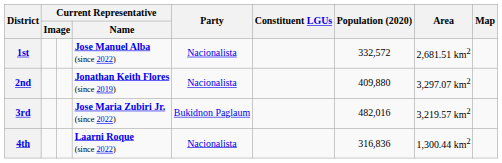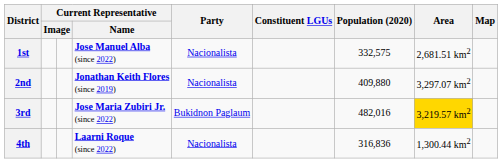 <table class="wikitable sortable" style="margin: 1em auto; font-size:100%; line-height:20px; text-align:center">
 <tr>
 <th rowspan="2">District</th>
 <th colspan="3">Current Representative</th>
 <th rowspan="2">Party</th>
 <th rowspan="2">Constituent <a href='#'>LGUs</a></th>
 <th rowspan="2">Population (2020)</th>
 <th rowspan="2">Area</th>
 <th rowspan="2">Map</th>
 </tr>
 <tr>
 <th colspan="2">Image</th>
 <th>Name</th>
 </tr>
 <tr>
 <th><a href='#'>1st</a></th>
 <td style="background:"></td>
 <td></td>
 <td style="text-align:left;"><strong><a href='#'>Jose Manuel Alba</a></strong><br><small>(since <a href='#'>2022</a>)</small></td>
 <td><a href='#'>Nacionalista</a></td>
 <td></td>
-<td>332,572</td>
+<td>332,575</td>
 <td>2,681.51 km<sup>2</sup></td>
 <td></td>
 </tr>
 <tr>
 <th><a href='#'>2nd</a></th>
 <td style="background:"></td>
 <td></td>
 <td style="text-align:left;"><strong><a href='#'>Jonathan Keith Flores</a></strong><br><small>(since <a href='#'>2019</a>)</small></td>
 <td><a href='#'>Nacionalista</a></td>
 <td></td>
 <td>409,880</td>
 <td>3,297.07 km<sup>2</sup></td>
 <td></td>
 </tr>
 <tr>
 <th><a href='#'>3rd</a></th>
 <td style="background:"></td>
 <td></td>
 <td style="text-align:left;"><strong><a href='#'>Jose Maria Zubiri Jr.</a></strong><br><small>(since <a href='#'>2022</a>)</small></td>
 <td><a href='#'>Bukidnon Paglaum</a></td>
 <td></td>
 <td>482,016</td>
-<td>3,219.57 km<sup>2</sup></td>
+<td style="background: gold;">3,219.57 km<sup>2</sup></td>
 <td></td>
 </tr>
 <tr>
 <th><a href='#'>4th</a></th>
 <td style="background:"></td>
 <td></td>
 <td style="text-align:left;"><strong><a href='#'>Laarni Roque</a></strong><br><small>(since <a href='#'>2022</a>)</small></td>
 <td><a href='#'>Nacionalista</a></td>
 <td></td>
 <td>316,836</td>
 <td>1,300.44 km<sup>2</sup></td>
 <td></td>
 </tr>
 </table>
